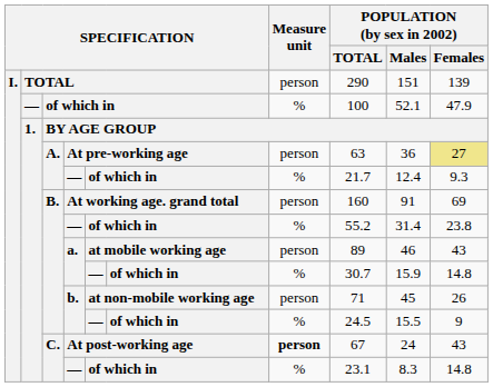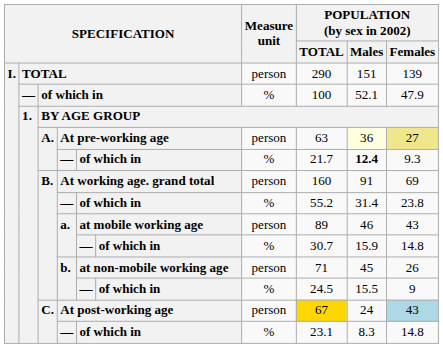 <table class="wikitable" style="font-size:85%; text-align:center">
 <tr>
 <th rowspan="2" colspan="6">SPECIFICATION</th>
 <th rowspan="2">Measure<br> unit</th>
 <th colspan="3" rowspan="1">POPULATION<br> (by sex in 2002)</th>
 </tr>
 <tr>
 <th>TOTAL</th>
 <th>Males</th>
 <th>Females</th>
 </tr>
 <tr>
 <th style="text-align:left" valign="top" rowspan="13">I.</th>
 <th style="text-align:left" colspan="5">TOTAL</th>
 <td>person</td>
 <td>290</td>
 <td>151</td>
 <td>139</td>
 </tr>
 <tr>
 <th style="text-align:left" valign="top">—</th>
 <th style="text-align:left" colspan="4">of which in</th>
 <td>%</td>
 <td>100</td>
 <td>52.1</td>
 <td>47.9</td>
 </tr>
 <tr>
 <th style="text-align:left" valign="top" rowspan="11">1.</th>
 <th style="text-align:left" colspan="19">BY AGE GROUP</th>
 </tr>
 <tr>
 <th style="text-align:left" valign="top" rowspan="2">A.</th>
 <th style="text-align:left" colspan="3">At pre-working age</th>
 <td>person</td>
 <td>63</td>
-<td>36</td>
+<td style="background: lightyellow;">36</td>
 <td style="background: khaki;">27</td>
 </tr>
 <tr>
 <th style="text-align:left" valign="top">—</th>
 <th style="text-align:left" valign="top" colspan="2">of which in</th>
 <td>%</td>
 <td>21.7</td>
-<td>12.4</td>
+<td><strong>12.4</strong></td>
 <td>9.3</td>
 </tr>
 <tr>
 <th style="text-align:left" valign="top" rowspan="6">B.</th>
 <th style="text-align:left" colspan="3">At working age. grand total</th>
 <td>person</td>
 <td>160</td>
 <td>91</td>
 <td>69</td>
 </tr>
 <tr>
 <th style="text-align:left" valign="top">—</th>
 <th style="text-align:left" valign="top" colspan="2">of which in</th>
 <td>%</td>
 <td>55.2</td>
 <td>31.4</td>
 <td>23.8</td>
 </tr>
 <tr>
 <th style="text-align:left" valign="top" rowspan="2">a.</th>
 <th style="text-align:left" colspan="2">at mobile working age</th>
 <td>person</td>
 <td>89</td>
 <td>46</td>
 <td>43</td>
 </tr>
 <tr>
 <th style="text-align:left" valign="top">—</th>
 <th style="text-align:left" valign="top" colspan="1">of which in                        </th>
 <td>%</td>
 <td>30.7</td>
 <td>15.9</td>
 <td>14.8</td>
 </tr>
 <tr>
 <th style="text-align:left" valign="top" rowspan="2">b.</th>
 <th style="text-align:left" colspan="2">at non-mobile working age</th>
 <td>person</td>
 <td>71</td>
 <td>45</td>
 <td>26</td>
 </tr>
 <tr>
 <th style="text-align:left" valign="top">—</th>
 <th style="text-align:left" valign="top" colspan="1">of which in                        </th>
 <td>%</td>
 <td>24.5</td>
 <td>15.5</td>
 <td>9</td>
 </tr>
 <tr>
 <th style="text-align:left" valign="top" rowspan="2">C.</th>
 <th style="text-align:left" colspan="3">At post-working age</th>
-<td><strong>person</strong></td>
-<td>67</td>
+<td>person</td>
+<td style="background: gold;">67</td>
 <td>24</td>
-<td>43</td>
+<td style="background: lightblue;">43</td>
 </tr>
 <tr>
 <th style="text-align:left" valign="top">—</th>
 <th style="text-align:left" valign="top" colspan="2">of which in</th>
 <td>%</td>
 <td>23.1</td>
 <td>8.3</td>
 <td>14.8</td>
 </tr>
 </table>
